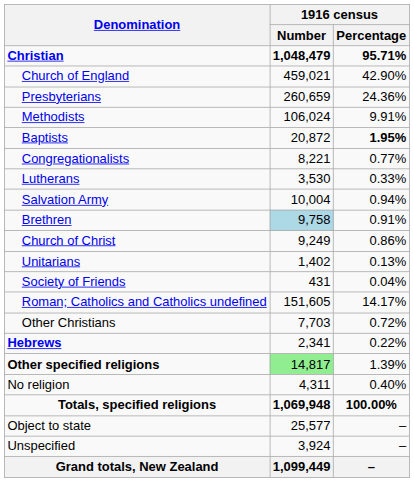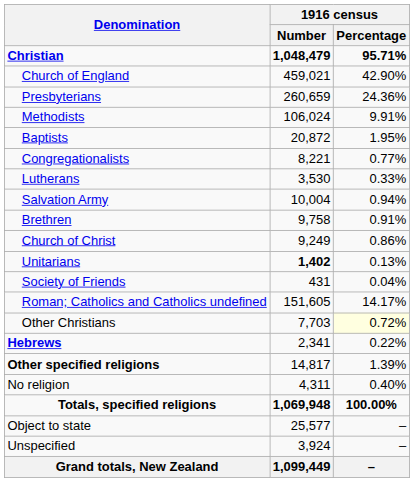 <table class="wikitable">
 <tr>
 <th rowspan=2><a href='#'>Denomination</a></th>
 <th colspan=2>1916 census</th>
 </tr>
 <tr>
 <th>Number</th>
 <th>Percentage</th>
 </tr>
 <tr align=right>
 <td align=left><strong><a href='#'>Christian</a></strong></td>
 <td><strong>1,048,479</strong></td>
 <td><strong>95.71%</strong></td>
 </tr>
 <tr align=right>
 <td align=left>    <a href='#'>Church of England</a></td>
 <td>459,021</td>
 <td>42.90%</td>
 </tr>
 <tr align=right>
 <td align=left>    <a href='#'>Presbyterians</a></td>
 <td>260,659</td>
 <td>24.36%</td>
 </tr>
 <tr align=right>
 <td align=left>    <a href='#'>Methodists</a></td>
 <td>106,024</td>
 <td>9.91%</td>
 </tr>
 <tr align=right>
 <td align=left>    <a href='#'>Baptists</a></td>
 <td>20,872</td>
-<td><strong>1.95%</strong></td>
+<td>1.95%</td>
 </tr>
 <tr align=right>
 <td align=left>    <a href='#'>Congregationalists</a></td>
 <td>8,221</td>
 <td>0.77%</td>
 </tr>
 <tr align=right>
 <td align=left>    <a href='#'>Lutherans</a></td>
 <td>3,530</td>
 <td>0.33%</td>
 </tr>
 <tr align=right>
 <td align=left>    <a href='#'>Salvation Army</a></td>
 <td>10,004</td>
 <td>0.94%</td>
 </tr>
 <tr align=right>
 <td align=left>    <a href='#'>Brethren</a></td>
-<td style="background: lightblue;">9,758</td>
+<td>9,758</td>
 <td>0.91%</td>
 </tr>
 <tr align=right>
 <td align=left>    <a href='#'>Church of Christ</a></td>
 <td>9,249</td>
 <td>0.86%</td>
 </tr>
 <tr align=right>
 <td align=left>    <a href='#'>Unitarians</a></td>
-<td>1,402</td>
+<td><strong>1,402</strong></td>
 <td>0.13%</td>
 </tr>
 <tr align=right>
 <td align=left>    <a href='#'>Society of Friends</a></td>
 <td>431</td>
 <td>0.04%</td>
 </tr>
 <tr align=right>
 <td align=left>    <a href='#'>Roman; Catholics and Catholics undefined</a></td>
 <td>151,605</td>
 <td>14.17%</td>
 </tr>
 <tr align=right>
 <td align=left>    Other Christians</td>
 <td>7,703</td>
-<td>0.72%</td>
+<td style="background: lightyellow;">0.72%</td>
 </tr>
 <tr align=right>
 <td align=left><strong><a href='#'>Hebrews</a></strong></td>
 <td>2,341</td>
 <td>0.22%</td>
 </tr>
 <tr align=right>
 <td align=left><strong>Other specified religions</strong></td>
-<td style="background: lightgreen;">14,817</td>
+<td>14,817</td>
 <td>1.39%</td>
 </tr>
 <tr align=right>
 <td align=left>No religion</td>
 <td>4,311</td>
 <td>0.40%</td>
 </tr>
 <tr align=right>
 <td align=center><strong>Totals, specified religions</strong></td>
 <td align=center><strong>1,069,948</strong></td>
 <td align=center><strong>100.00% </strong></td>
 </tr>
 <tr align=right>
 <td align=left>Object to state</td>
 <td>25,577</td>
 <td>–</td>
 </tr>
 <tr align=right>
 <td align=left>Unspecified</td>
 <td>3,924</td>
 <td>–</td>
 </tr>
 <tr>
 <th>Grand totals, New Zealand</th>
 <th>1,099,449</th>
 <th>–</th>
 </tr>
 </table>
